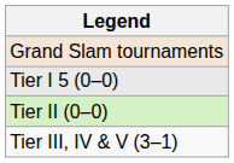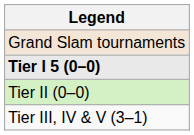 <table class="wikitable" style="font-size:90%;">
 <tr>
 <th>Legend</th>
 </tr>
 <tr>
 <td style="background:#f3e6d7;">Grand Slam tournaments</td>
 </tr>
 <tr>
-<td style="background:#e9e9e9;">Tier I 5 (0–0)</td>
+<td style="background:#e9e9e9;"><strong>Tier I 5 (0–0)</strong></td>
 </tr>
 <tr>
 <td style="background:#d4f1c5;">Tier II (0–0)</td>
 </tr>
 <tr>
 <td>Tier III, IV & V (3–1)</td>
 </tr>
 </table>
